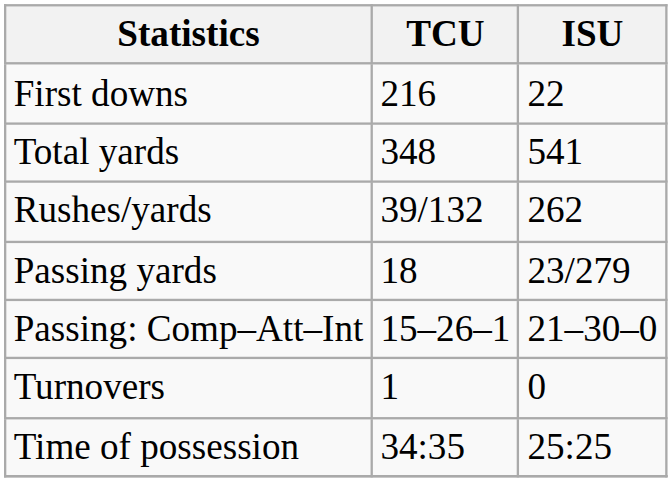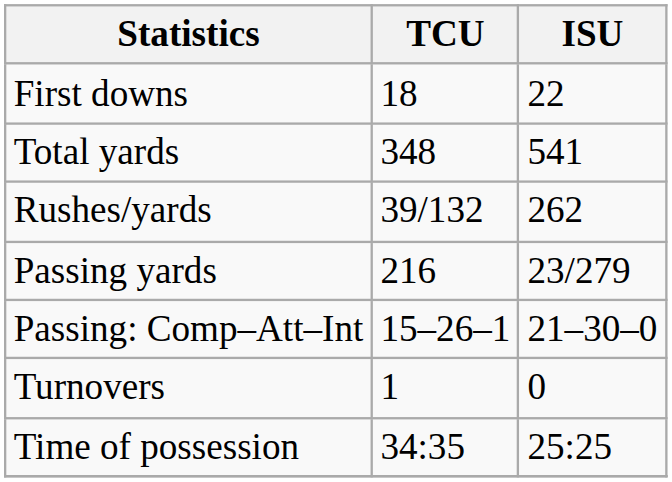 <table class="wikitable" style="float: left;">
 <tr>
 <th>Statistics</th>
 <th>TCU</th>
 <th>ISU</th>
 </tr>
 <tr>
 <td>First downs</td>
-<td>216</td>
+<td>18</td>
 <td>22</td>
 </tr>
 <tr>
 <td>Total yards</td>
 <td>348</td>
 <td>541</td>
 </tr>
 <tr>
 <td>Rushes/yards</td>
 <td>39/132</td>
 <td>262</td>
 </tr>
 <tr>
 <td>Passing yards</td>
-<td>18</td>
+<td>216</td>
 <td>23/279</td>
 </tr>
 <tr>
 <td>Passing: Comp–Att–Int</td>
 <td>15–26–1</td>
 <td>21–30–0</td>
 </tr>
 <tr>
 <td>Turnovers</td>
 <td>1</td>
 <td>0</td>
 </tr>
 <tr>
 <td>Time of possession</td>
 <td>34:35</td>
 <td>25:25</td>
 </tr>
 <tr>
 </tr>
 </table>
